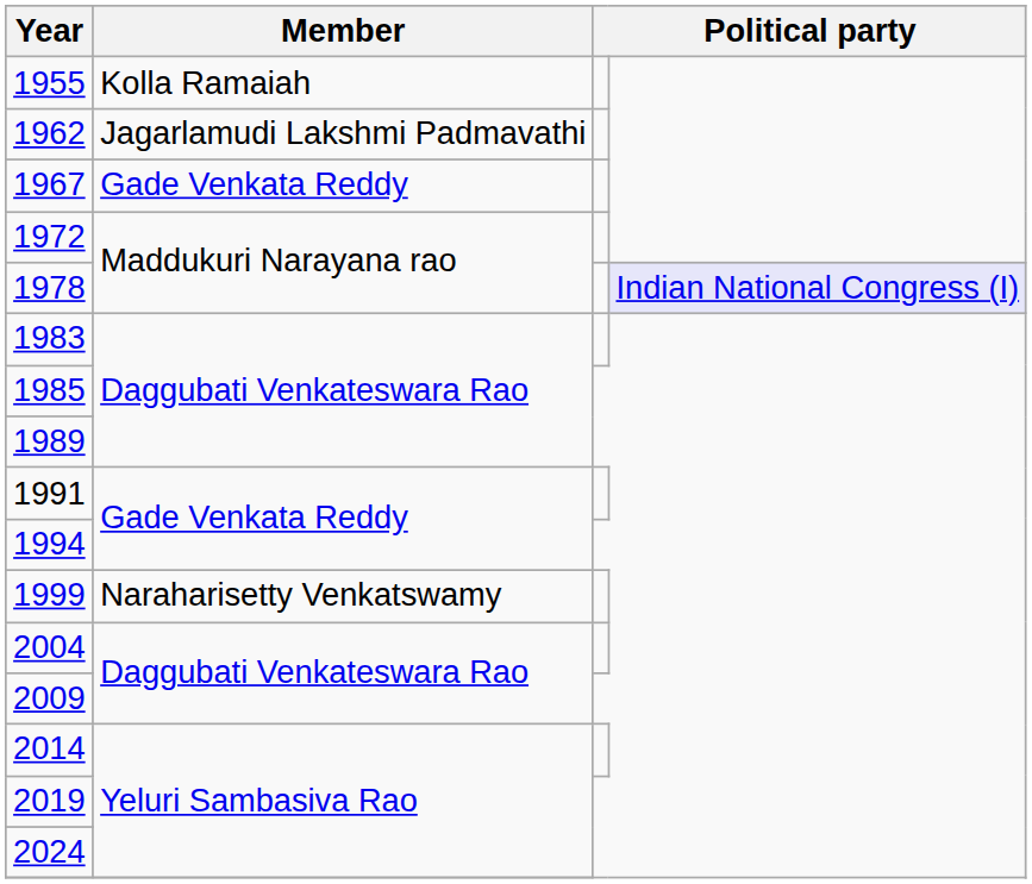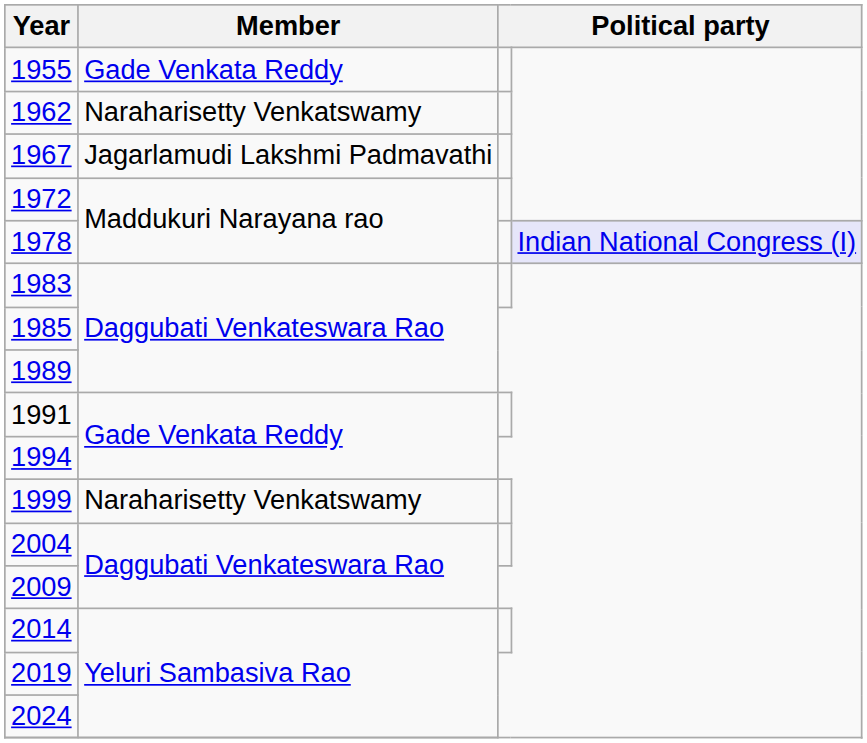 <table class="wikitable sortable">
 <tr>
 <th>Year</th>
 <th>Member</th>
 <th colspan="2">Political party</th>
 </tr>
 <tr>
 <td><a href='#'>1955</a></td>
-<td>Kolla Ramaiah</td>
+<td><a href='#'>Gade Venkata Reddy</a></td>
 <td></td>
 </tr>
 <tr>
 <td><a href='#'>1962</a></td>
-<td>Jagarlamudi Lakshmi Padmavathi</td>
+<td>Naraharisetty Venkatswamy</td>
 <td></td>
 </tr>
 <tr>
 <td><a href='#'>1967</a></td>
-<td><a href='#'>Gade Venkata Reddy</a></td>
+<td>Jagarlamudi Lakshmi Padmavathi</td>
 <td></td>
 </tr>
 <tr>
 <td><a href='#'>1972</a></td>
 <td rowspan=2>Maddukuri Narayana rao</td>
 <td></td>
 </tr>
 <tr>
 <td><a href='#'>1978</a></td>
 <td style="background-color: "></td>
 <td style="background: lavender;"><a href='#'>Indian National Congress (I)</a></td>
 </tr>
 <tr>
 <td><a href='#'>1983</a></td>
 <td rowspan=3><a href='#'>Daggubati Venkateswara Rao</a></td>
 <td></td>
 </tr>
 <tr>
 <td><a href='#'>1985</a></td>
 </tr>
 <tr>
 <td><a href='#'>1989</a></td>
 </tr>
 <tr>
 <td>1991</td>
 <td rowspan=2><a href='#'>Gade Venkata Reddy</a></td>
 <td></td>
 </tr>
 <tr>
 <td><a href='#'>1994</a></td>
 </tr>
 <tr>
 <td><a href='#'>1999</a></td>
 <td>Naraharisetty Venkatswamy</td>
 <td></td>
 </tr>
 <tr>
 <td><a href='#'>2004</a></td>
 <td rowspan=2><a href='#'>Daggubati Venkateswara Rao</a></td>
 <td></td>
 </tr>
 <tr>
 <td><a href='#'>2009</a></td>
 </tr>
 <tr>
 <td><a href='#'>2014</a></td>
 <td rowspan=3><a href='#'>Yeluri Sambasiva Rao</a></td>
 <td></td>
 </tr>
 <tr>
 <td><a href='#'>2019</a></td>
 </tr>
 <tr>
 <td><a href='#'>2024</a></td>
 </tr>
 <tr>
 </tr>
 </table>
